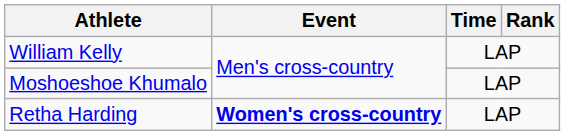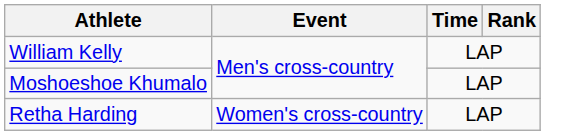 <table class="wikitable" style="font-size:90%">
 <tr>
 <th>Athlete</th>
 <th>Event</th>
 <th>Time</th>
 <th>Rank</th>
 </tr>
 <tr align=center>
 <td align=left><a href='#'>William Kelly</a></td>
 <td align=left rowspan=2><a href='#'>Men's cross-country</a></td>
 <td colspan=2>LAP</td>
 </tr>
 <tr align=center>
 <td align=left><a href='#'>Moshoeshoe Khumalo</a></td>
 <td colspan=2>LAP</td>
 </tr>
 <tr align=center>
 <td align=left><a href='#'>Retha Harding</a></td>
-<td align=left><strong><a href='#'>Women's cross-country</a></strong></td>
+<td align=left><a href='#'>Women's cross-country</a></td>
 <td colspan=2>LAP</td>
 </tr>
 </table>
